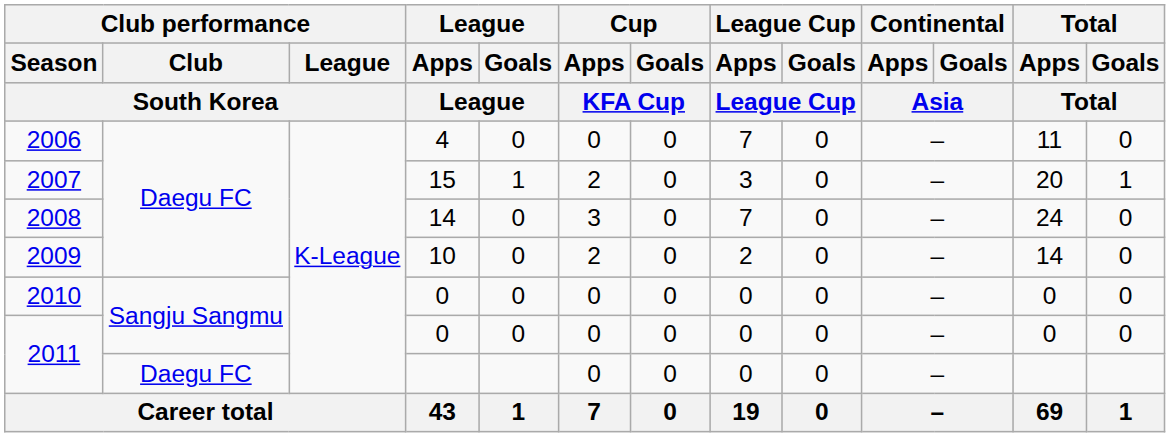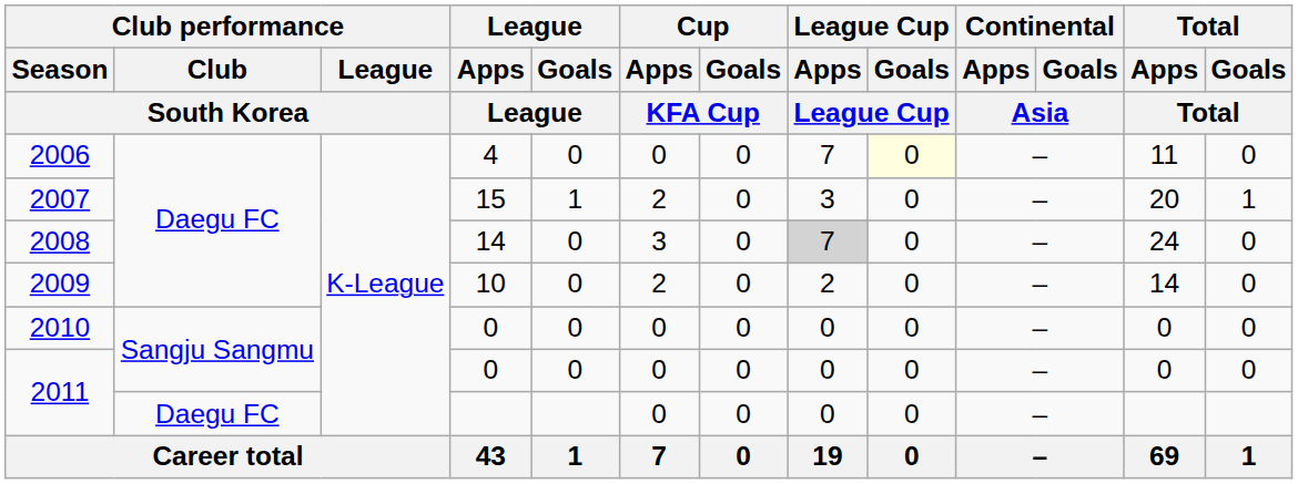 <table class="wikitable" style="text-align:center">
 <tr>
 <th colspan=3>Club performance</th>
 <th colspan=2>League</th>
 <th colspan=2>Cup</th>
 <th colspan=2>League Cup</th>
 <th colspan=2>Continental</th>
 <th colspan=2>Total</th>
 </tr>
 <tr>
 <th>Season</th>
 <th>Club</th>
 <th>League</th>
 <th>Apps</th>
 <th>Goals</th>
 <th>Apps</th>
 <th>Goals</th>
 <th>Apps</th>
 <th>Goals</th>
 <th>Apps</th>
 <th>Goals</th>
 <th>Apps</th>
 <th>Goals</th>
 </tr>
 <tr>
 <th colspan=3>South Korea</th>
 <th colspan=2>League</th>
 <th colspan=2><a href='#'>KFA Cup</a></th>
 <th colspan=2><a href='#'>League Cup</a></th>
 <th colspan=2><a href='#'>Asia</a></th>
 <th colspan=2>Total</th>
 </tr>
 <tr>
 <td><a href='#'>2006</a></td>
 <td rowspan="4"><a href='#'>Daegu FC</a></td>
 <td rowspan="7"><a href='#'>K-League</a></td>
 <td>4</td>
 <td>0</td>
 <td>0</td>
 <td>0</td>
 <td>7</td>
-<td>0</td>
+<td style="background: lightyellow;">0</td>
 <td colspan="2">–</td>
 <td>11</td>
 <td>0</td>
 </tr>
 <tr>
 <td><a href='#'>2007</a></td>
 <td>15</td>
 <td>1</td>
 <td>2</td>
 <td>0</td>
 <td>3</td>
 <td>0</td>
 <td colspan="2">–</td>
 <td>20</td>
 <td>1</td>
 </tr>
 <tr>
 <td><a href='#'>2008</a></td>
 <td>14</td>
 <td>0</td>
 <td>3</td>
 <td>0</td>
-<td>7</td>
+<td style="background: lightgrey;">7</td>
 <td>0</td>
 <td colspan="2">–</td>
 <td>24</td>
 <td>0</td>
 </tr>
 <tr>
 <td><a href='#'>2009</a></td>
 <td>10</td>
 <td>0</td>
 <td>2</td>
 <td>0</td>
 <td>2</td>
 <td>0</td>
 <td colspan="2">–</td>
 <td>14</td>
 <td>0</td>
 </tr>
 <tr>
 <td><a href='#'>2010</a></td>
 <td rowspan="2"><a href='#'>Sangju Sangmu</a></td>
 <td>0</td>
 <td>0</td>
 <td>0</td>
 <td>0</td>
 <td>0</td>
 <td>0</td>
 <td colspan="2">–</td>
 <td>0</td>
 <td>0</td>
 </tr>
 <tr>
 <td rowspan="2"><a href='#'>2011</a></td>
 <td>0</td>
 <td>0</td>
 <td>0</td>
 <td>0</td>
 <td>0</td>
 <td>0</td>
 <td colspan="2">–</td>
 <td>0</td>
 <td>0</td>
 </tr>
 <tr>
 <td><a href='#'>Daegu FC</a></td>
 <td></td>
 <td></td>
 <td>0</td>
 <td>0</td>
 <td>0</td>
 <td>0</td>
 <td colspan="2">–</td>
 <td></td>
 <td></td>
 </tr>
 <tr>
 <th colspan=3>Career total</th>
 <th>43</th>
 <th>1</th>
 <th>7</th>
 <th>0</th>
 <th>19</th>
 <th>0</th>
 <th colspan="2">–</th>
 <th>69</th>
 <th>1</th>
 </tr>
 </table>
